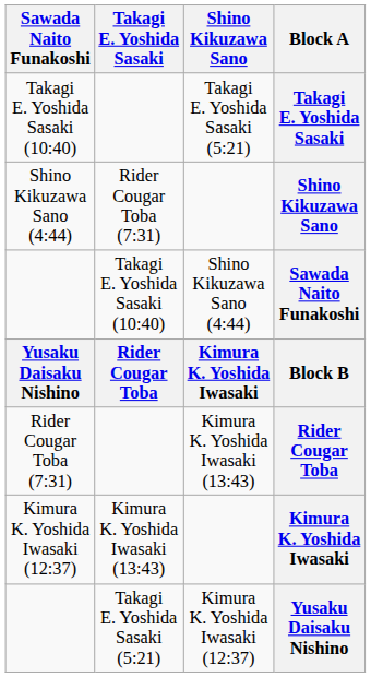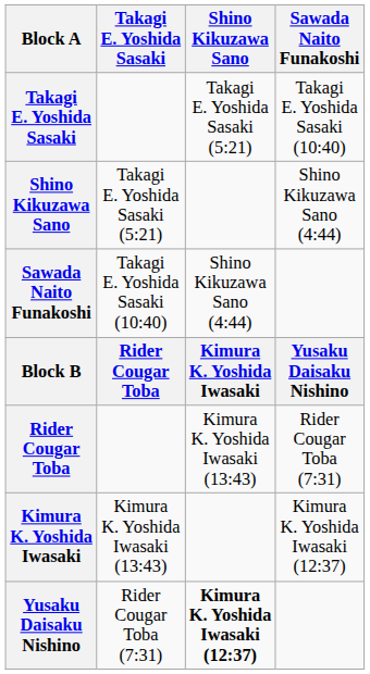 <table class="wikitable" style="text-align:center; margin: 1em auto 1em auto">
 <tr align="center">
-<th><a href='#'>Sawada</a><br><a href='#'>Naito</a><br>Funakoshi</th>
+<th>Block A</th>
 <th><a href='#'>Takagi</a><br><a href='#'>E. Yoshida</a><br><a href='#'>Sasaki</a></th>
 <th><a href='#'>Shino</a><br><a href='#'>Kikuzawa</a><br><a href='#'>Sano</a></th>
-<th>Block A</th>
-</tr>
-<tr align="center">
-<td>Takagi<br>E. Yoshida<br>Sasaki<br>(10:40)</td>
-<td></td>
-<td>Takagi<br>E. Yoshida<br>Sasaki<br>(5:21)</td>
-<th><a href='#'>Takagi</a><br><a href='#'>E. Yoshida</a><br><a href='#'>Sasaki</a></th>
-</tr>
-<tr align="center">
-<td>Shino<br>Kikuzawa<br>Sano<br>(4:44)</td>
-<td>Rider<br>Cougar<br>Toba<br>(7:31)</td>
-<td></td>
-<th><a href='#'>Shino</a><br><a href='#'>Kikuzawa</a><br><a href='#'>Sano</a></th>
-</tr>
-<tr align="center">
-<td></td>
-<td>Takagi<br>E. Yoshida<br>Sasaki<br>(10:40)</td>
-<td>Shino<br>Kikuzawa<br>Sano<br>(4:44)</td>
 <th><a href='#'>Sawada</a><br><a href='#'>Naito</a><br>Funakoshi</th>
 </tr>
 <tr align="center">
-<th><a href='#'>Yusaku</a><br><a href='#'>Daisaku</a><br>Nishino</th>
+<th><a href='#'>Takagi</a><br><a href='#'>E. Yoshida</a><br><a href='#'>Sasaki</a></th>
+<td></td>
+<td>Takagi<br>E. Yoshida<br>Sasaki<br>(5:21)</td>
+<td>Takagi<br>E. Yoshida<br>Sasaki<br>(10:40)</td>
+</tr>
+<tr align="center">
+<th><a href='#'>Shino</a><br><a href='#'>Kikuzawa</a><br><a href='#'>Sano</a></th>
+<td>Takagi<br>E. Yoshida<br>Sasaki<br>(5:21)</td>
+<td></td>
+<td>Shino<br>Kikuzawa<br>Sano<br>(4:44)</td>
+</tr>
+<tr align="center">
+<th><a href='#'>Sawada</a><br><a href='#'>Naito</a><br>Funakoshi</th>
+<td>Takagi<br>E. Yoshida<br>Sasaki<br>(10:40)</td>
+<td>Shino<br>Kikuzawa<br>Sano<br>(4:44)</td>
+<td></td>
+</tr>
+<tr align="center">
+<th>Block B</th>
 <th><a href='#'>Rider</a><br><a href='#'>Cougar</a><br><a href='#'>Toba</a></th>
 <th><a href='#'>Kimura</a><br><a href='#'>K. Yoshida</a><br>Iwasaki</th>
-<th>Block B</th>
+<th><a href='#'>Yusaku</a><br><a href='#'>Daisaku</a><br>Nishino</th>
 </tr>
 <tr align="center">
-<td>Rider<br>Cougar<br>Toba<br>(7:31)</td>
+<th><a href='#'>Rider</a><br><a href='#'>Cougar</a><br><a href='#'>Toba</a></th>
 <td></td>
 <td>Kimura<br>K. Yoshida<br>Iwasaki<br>(13:43)</td>
-<th><a href='#'>Rider</a><br><a href='#'>Cougar</a><br><a href='#'>Toba</a></th>
+<td>Rider<br>Cougar<br>Toba<br>(7:31)</td>
 </tr>
 <tr align="center">
-<td>Kimura<br>K. Yoshida<br>Iwasaki<br>(12:37)</td>
+<th><a href='#'>Kimura</a><br><a href='#'>K. Yoshida</a><br>Iwasaki</th>
 <td>Kimura<br>K. Yoshida<br>Iwasaki<br>(13:43)</td>
 <td></td>
-<th><a href='#'>Kimura</a><br><a href='#'>K. Yoshida</a><br>Iwasaki</th>
+<td>Kimura<br>K. Yoshida<br>Iwasaki<br>(12:37)</td>
 </tr>
 <tr align="center">
+<th><a href='#'>Yusaku</a><br><a href='#'>Daisaku</a><br>Nishino</th>
+<td>Rider<br>Cougar<br>Toba<br>(7:31)</td>
+<td><strong>Kimura<br>K. Yoshida<br>Iwasaki<br>(12:37)</strong></td>
 <td></td>
-<td>Takagi<br>E. Yoshida<br>Sasaki<br>(5:21)</td>
-<td>Kimura<br>K. Yoshida<br>Iwasaki<br>(12:37)</td>
-<th><a href='#'>Yusaku</a><br><a href='#'>Daisaku</a><br>Nishino</th>
 </tr>
 </table>
